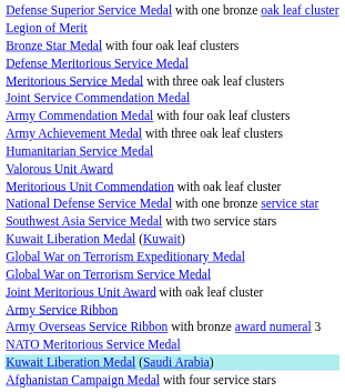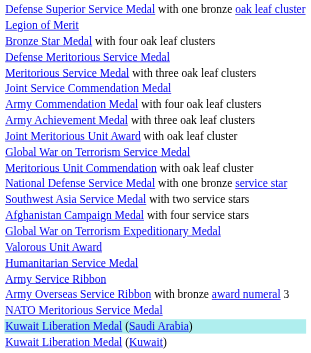 <table>
 <tr>
 <td> <a href='#'>Defense Superior Service Medal</a> with one bronze <a href='#'>oak leaf cluster</a></td>
 </tr>
 <tr>
 <td> <a href='#'>Legion of Merit</a></td>
 </tr>
 <tr>
 <td><span></span><span></span><span></span><span></span> <a href='#'>Bronze Star Medal</a> with four oak leaf clusters</td>
 </tr>
 <tr>
 <td> <a href='#'>Defense Meritorious Service Medal</a></td>
 </tr>
 <tr>
 <td><span></span><span></span><span></span> <a href='#'>Meritorious Service Medal</a> with three oak leaf clusters</td>
 </tr>
 <tr>
 <td> <a href='#'>Joint Service Commendation Medal</a></td>
 </tr>
 <tr>
 <td><span></span><span></span><span></span><span></span> <a href='#'>Army Commendation Medal</a> with four oak leaf clusters</td>
 </tr>
 <tr>
 <td><span></span><span></span><span></span> <a href='#'>Army Achievement Medal</a> with three oak leaf clusters</td>
 </tr>
 <tr>
-<td> <a href='#'>Humanitarian Service Medal</a></td>
+<td> <a href='#'>Joint Meritorious Unit Award</a> with oak leaf cluster</td>
 </tr>
 <tr>
-<td> <a href='#'>Valorous Unit Award</a></td>
+<td> <a href='#'>Global War on Terrorism Service Medal</a></td>
 </tr>
 <tr>
 <td> <a href='#'>Meritorious Unit Commendation</a> with oak leaf cluster</td>
 </tr>
 <tr>
 <td> <a href='#'>National Defense Service Medal</a> with one bronze <a href='#'>service star</a></td>
 </tr>
 <tr>
 <td><span></span><span></span> <a href='#'>Southwest Asia Service Medal</a> with two service stars</td>
 </tr>
 <tr>
-<td> <a href='#'>Kuwait Liberation Medal</a> (<a href='#'>Kuwait</a>)</td>
+<td><span></span><span></span><span></span><span></span> <a href='#'>Afghanistan Campaign Medal</a> with four service stars</td>
 </tr>
 <tr>
 <td> <a href='#'>Global War on Terrorism Expeditionary Medal</a></td>
 </tr>
 <tr>
-<td> <a href='#'>Global War on Terrorism Service Medal</a></td>
+<td> <a href='#'>Valorous Unit Award</a></td>
 </tr>
 <tr>
-<td> <a href='#'>Joint Meritorious Unit Award</a> with oak leaf cluster</td>
+<td> <a href='#'>Humanitarian Service Medal</a></td>
 </tr>
 <tr>
 <td> <a href='#'>Army Service Ribbon</a></td>
 </tr>
 <tr>
 <td><span></span> <a href='#'>Army Overseas Service Ribbon</a> with bronze <a href='#'>award numeral</a> 3</td>
 </tr>
 <tr>
 <td> <a href='#'>NATO Meritorious Service Medal</a></td>
 </tr>
 <tr>
 <td style="background: paleturquoise;"> <a href='#'>Kuwait Liberation Medal</a> (<a href='#'>Saudi Arabia</a>)</td>
 </tr>
 <tr>
-<td><span></span><span></span><span></span><span></span> <a href='#'>Afghanistan Campaign Medal</a> with four service stars</td>
+<td> <a href='#'>Kuwait Liberation Medal</a> (<a href='#'>Kuwait</a>)</td>
 </tr>
 </table>
